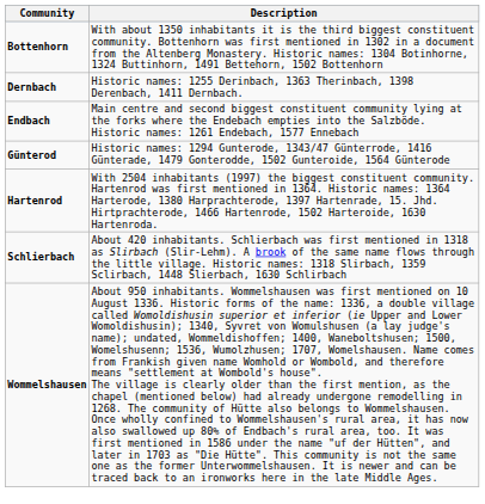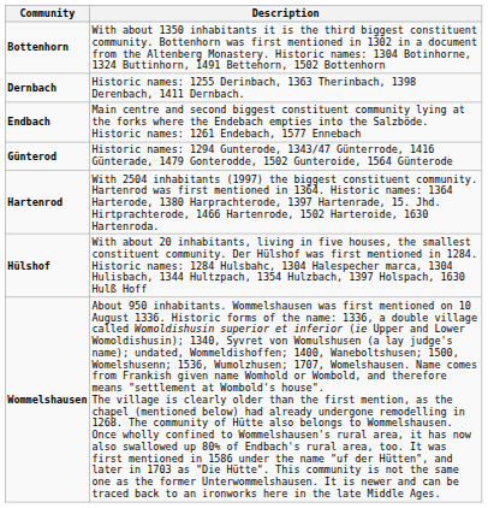 <table class="wikitable" border=1>
 <tr ---- bgcolor="#ACCEED">
 <th>Community</th>
 <th>Description</th>
 </tr>
 <tr>
 <td><strong>Bottenhorn</strong></td>
 <td>With about 1350 inhabitants it is the third biggest constituent community. Bottenhorn was first mentioned in 1302 in a document from the Altenberg Monastery. Historic names: 1304 Botinhorne, 1324 Buttinhorn, 1491 Bettehorn, 1502 Bottenhorn</td>
 </tr>
 <tr>
 <td><strong>Dernbach</strong></td>
 <td>Historic names: 1255 Derinbach, 1363 Therinbach, 1398 Derenbach, 1411 Dernbach.</td>
 </tr>
 <tr>
 <td><strong>Endbach</strong></td>
 <td>Main centre and second biggest constituent community lying at the forks where the Endebach empties into the Salzböde. Historic names: 1261 Endebach, 1577 Ennebach</td>
 </tr>
 <tr>
 <td><strong>Günterod</strong></td>
 <td>Historic names: 1294 Gunterode, 1343/47 Günterrode, 1416 Günterade, 1479 Gonterodde, 1502 Gunteroide, 1564 Günterode</td>
 </tr>
 <tr>
 <td><strong>Hartenrod</strong></td>
 <td>With 2504 inhabitants (1997) the biggest constituent community. Hartenrod was first mentioned in 1364. Historic names: 1364 Harterode, 1380 Harprachterode, 1397 Hartenrade, 15. Jhd. Hirtprachterode, 1466 Hartenrode, 1502 Harteroide, 1630 Hartenroda.</td>
 </tr>
 <tr>
-<td><strong>Schlierbach</strong></td>
-<td>About 420 inhabitants. Schlierbach was first mentioned in 1318 as <em>Slirbach</em> (Slir-Lehm). A <a href='#'>brook</a> of the same name flows through the little village. Historic names: 1318 Slirbach, 1359 Sclirbach, 1448 Slierbach, 1630 Schlirbach</td>
+<td><strong>Hülshof</strong></td>
+<td>With about 20 inhabitants, living in five houses, the smallest constituent community. Der Hülshof was first mentioned in 1284. Historic names: 1284 Hulsbahc, 1304 Halespecher marca, 1304 Hulisbach, 1344 Hultzpach, 1354 Hulzbach, 1397 Holspach, 1630 Hulß Hoff</td>
 </tr>
 <tr>
 <td><strong>Wommelshausen</strong></td>
 <td>About 950 inhabitants. Wommelshausen was first mentioned on 10 August 1336. Historic forms of the name: 1336, a double village called <em>Womoldishusin superior et inferior</em> (<em>ie</em> Upper and Lower Womoldishusin); 1340, Syvret von Womulshusen (a lay judge's name); undated, Wommeldishoffen; 1400, Waneboltshusen; 1500, Womelshusenn; 1536, Wumolzhusen; 1707, Womelshausen. Name comes from Frankish given name Womhold or Wombold, and therefore means "settlement at Wombold's house".<br>The village is clearly older than the first mention, as the chapel (mentioned below) had already undergone remodelling in 1268. The community of Hütte also belongs to Wommelshausen. Once wholly confined to Wommelshausen's rural area, it has now also swallowed up 80% of Endbach's rural area, too. It was first mentioned in 1586 under the name "uf der Hütten", and later in 1703 as "Die Hütte". This community is not the same one as the former Unterwommelshausen. It is newer and can be traced back to an ironworks here in the late Middle Ages.</td>
 </tr>
 </table>
